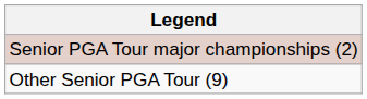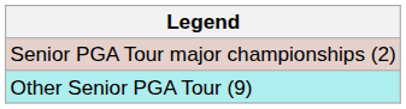 <table class="wikitable" style="font-size:95%;">
 <tr>
 <th>Legend</th>
 </tr>
 <tr style="background:#e5d1cb;">
 <td>Senior PGA Tour major championships (2)</td>
 </tr>
 <tr>
-<td>Other Senior PGA Tour (9)</td>
+<td style="background: paleturquoise;">Other Senior PGA Tour (9)</td>
 </tr>
 </table>
